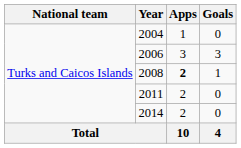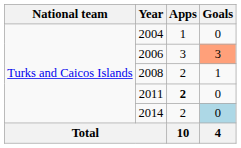 <table class=wikitable style="text-align: center">
 <tr>
 <th>National team</th>
 <th>Year</th>
 <th>Apps</th>
 <th>Goals</th>
 </tr>
 <tr>
 <td rowspan="5"><a href='#'>Turks and Caicos Islands</a></td>
 <td>2004</td>
 <td>1</td>
 <td>0</td>
 </tr>
 <tr>
 <td>2006</td>
 <td>3</td>
-<td>3</td>
+<td style="background: lightsalmon;">3</td>
 </tr>
 <tr>
 <td>2008</td>
-<td><strong>2</strong></td>
+<td>2</td>
 <td>1</td>
 </tr>
 <tr>
 <td>2011</td>
-<td>2</td>
+<td><strong>2</strong></td>
 <td>0</td>
 </tr>
 <tr>
 <td>2014</td>
 <td>2</td>
-<td>0</td>
+<td style="background: lightblue;">0</td>
 </tr>
 <tr>
 <th colspan="2">Total</th>
 <th>10</th>
 <th>4</th>
 </tr>
 </table>
